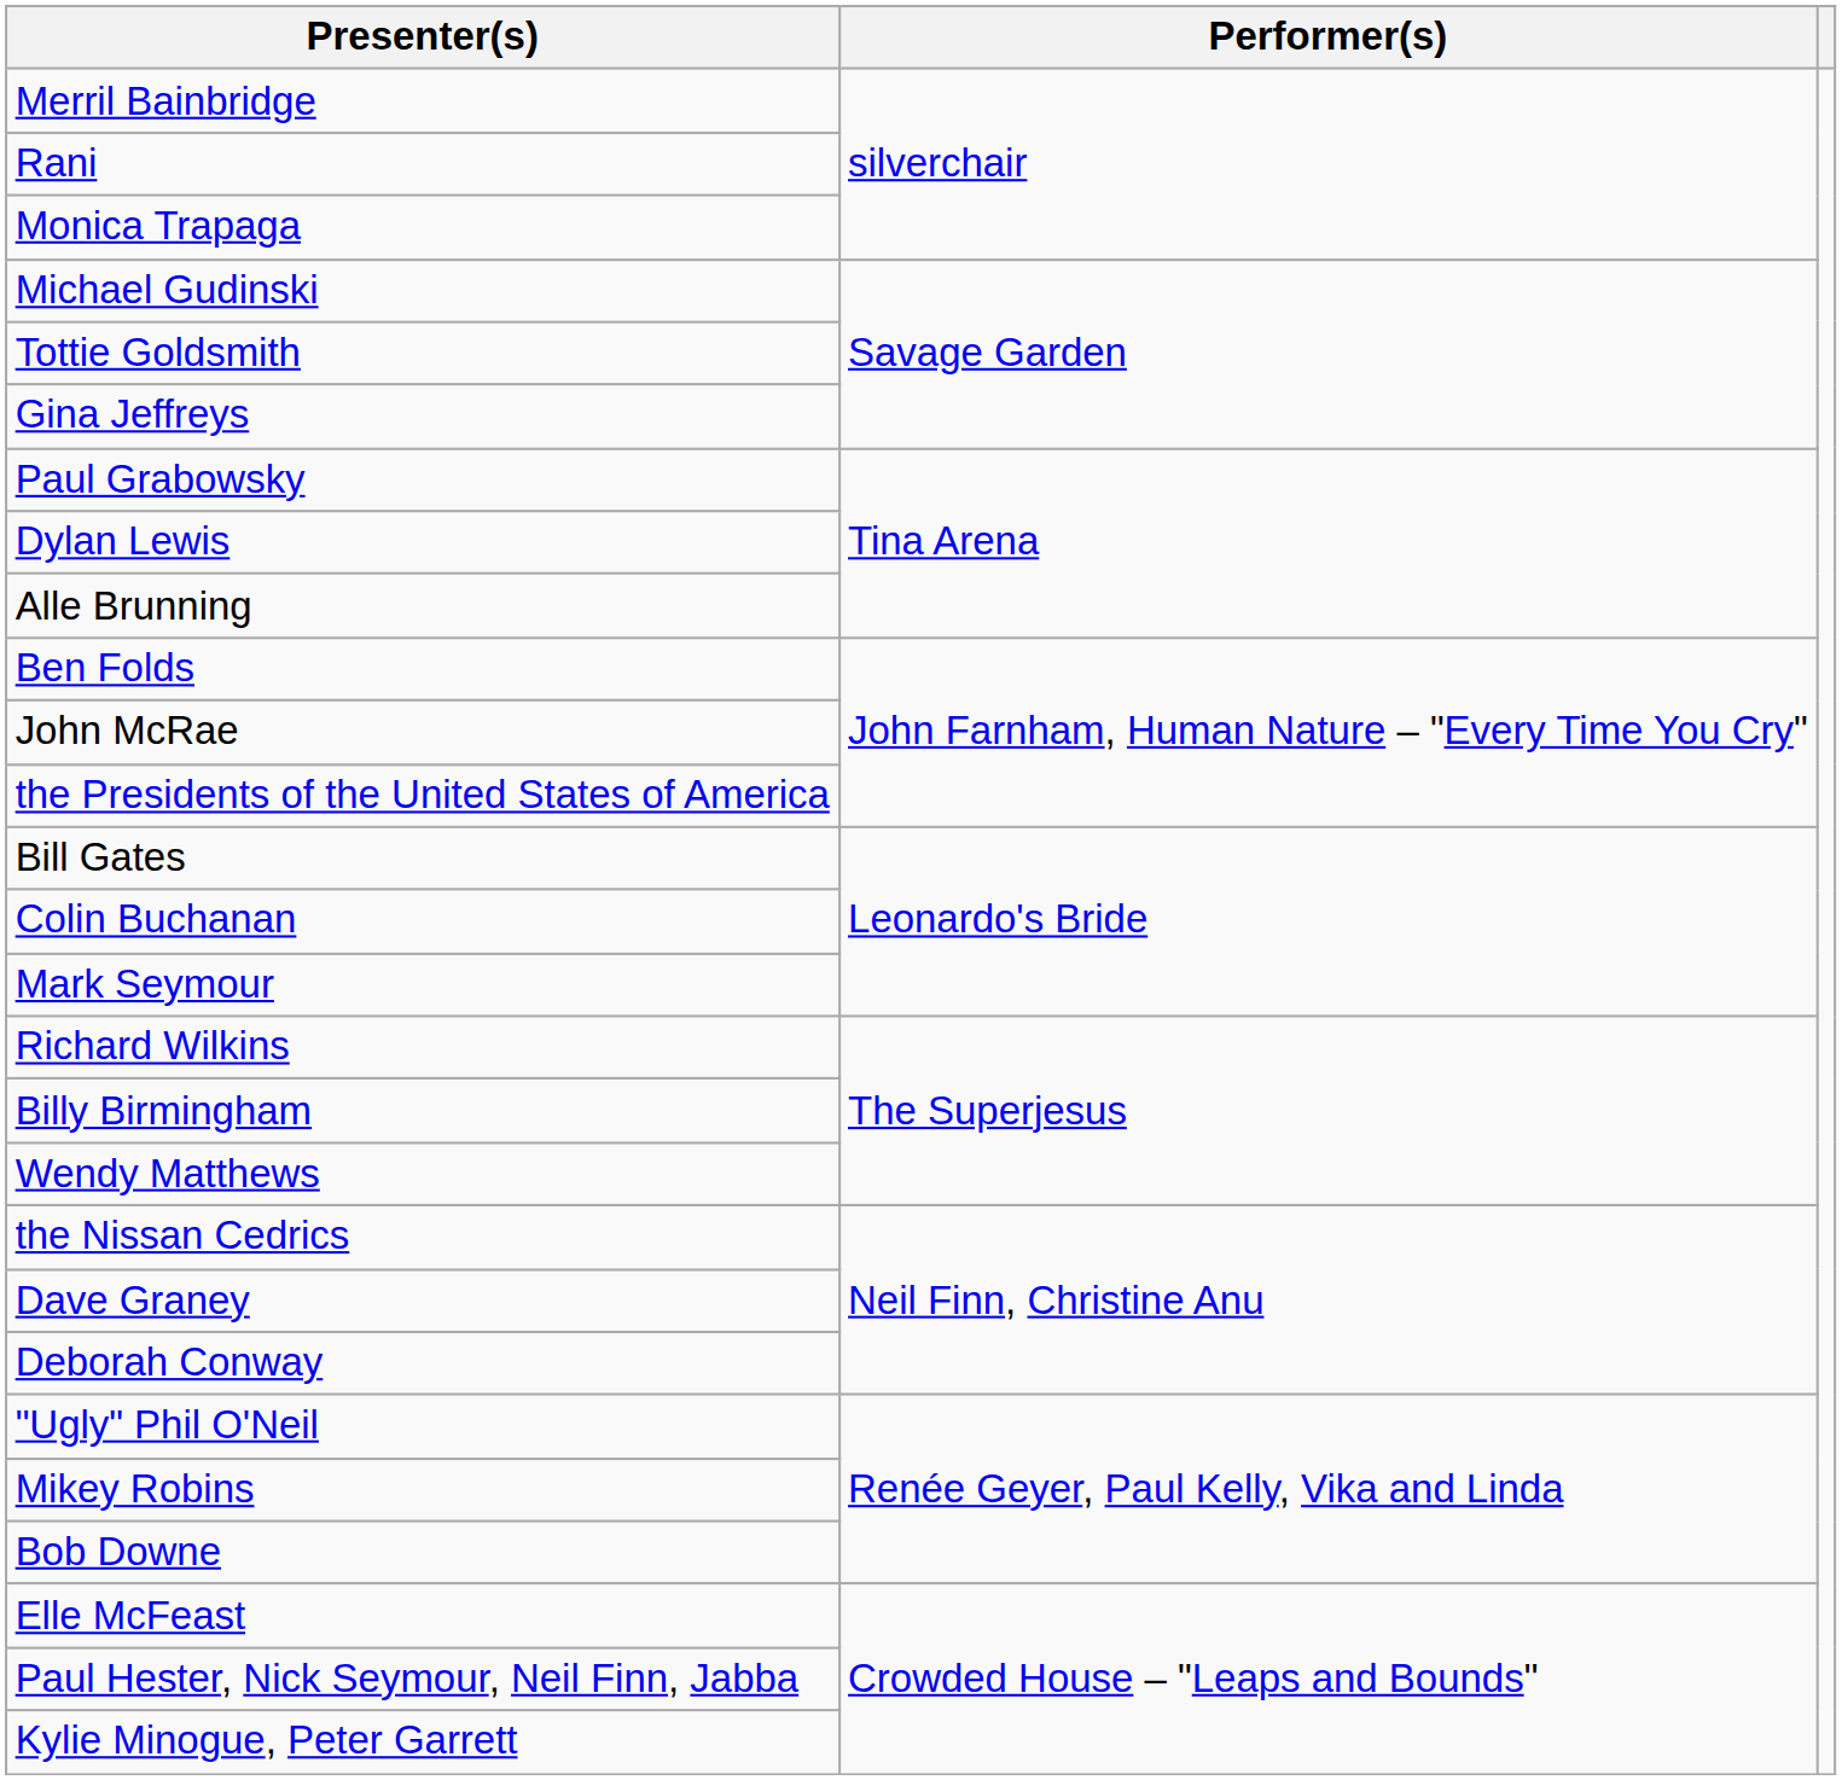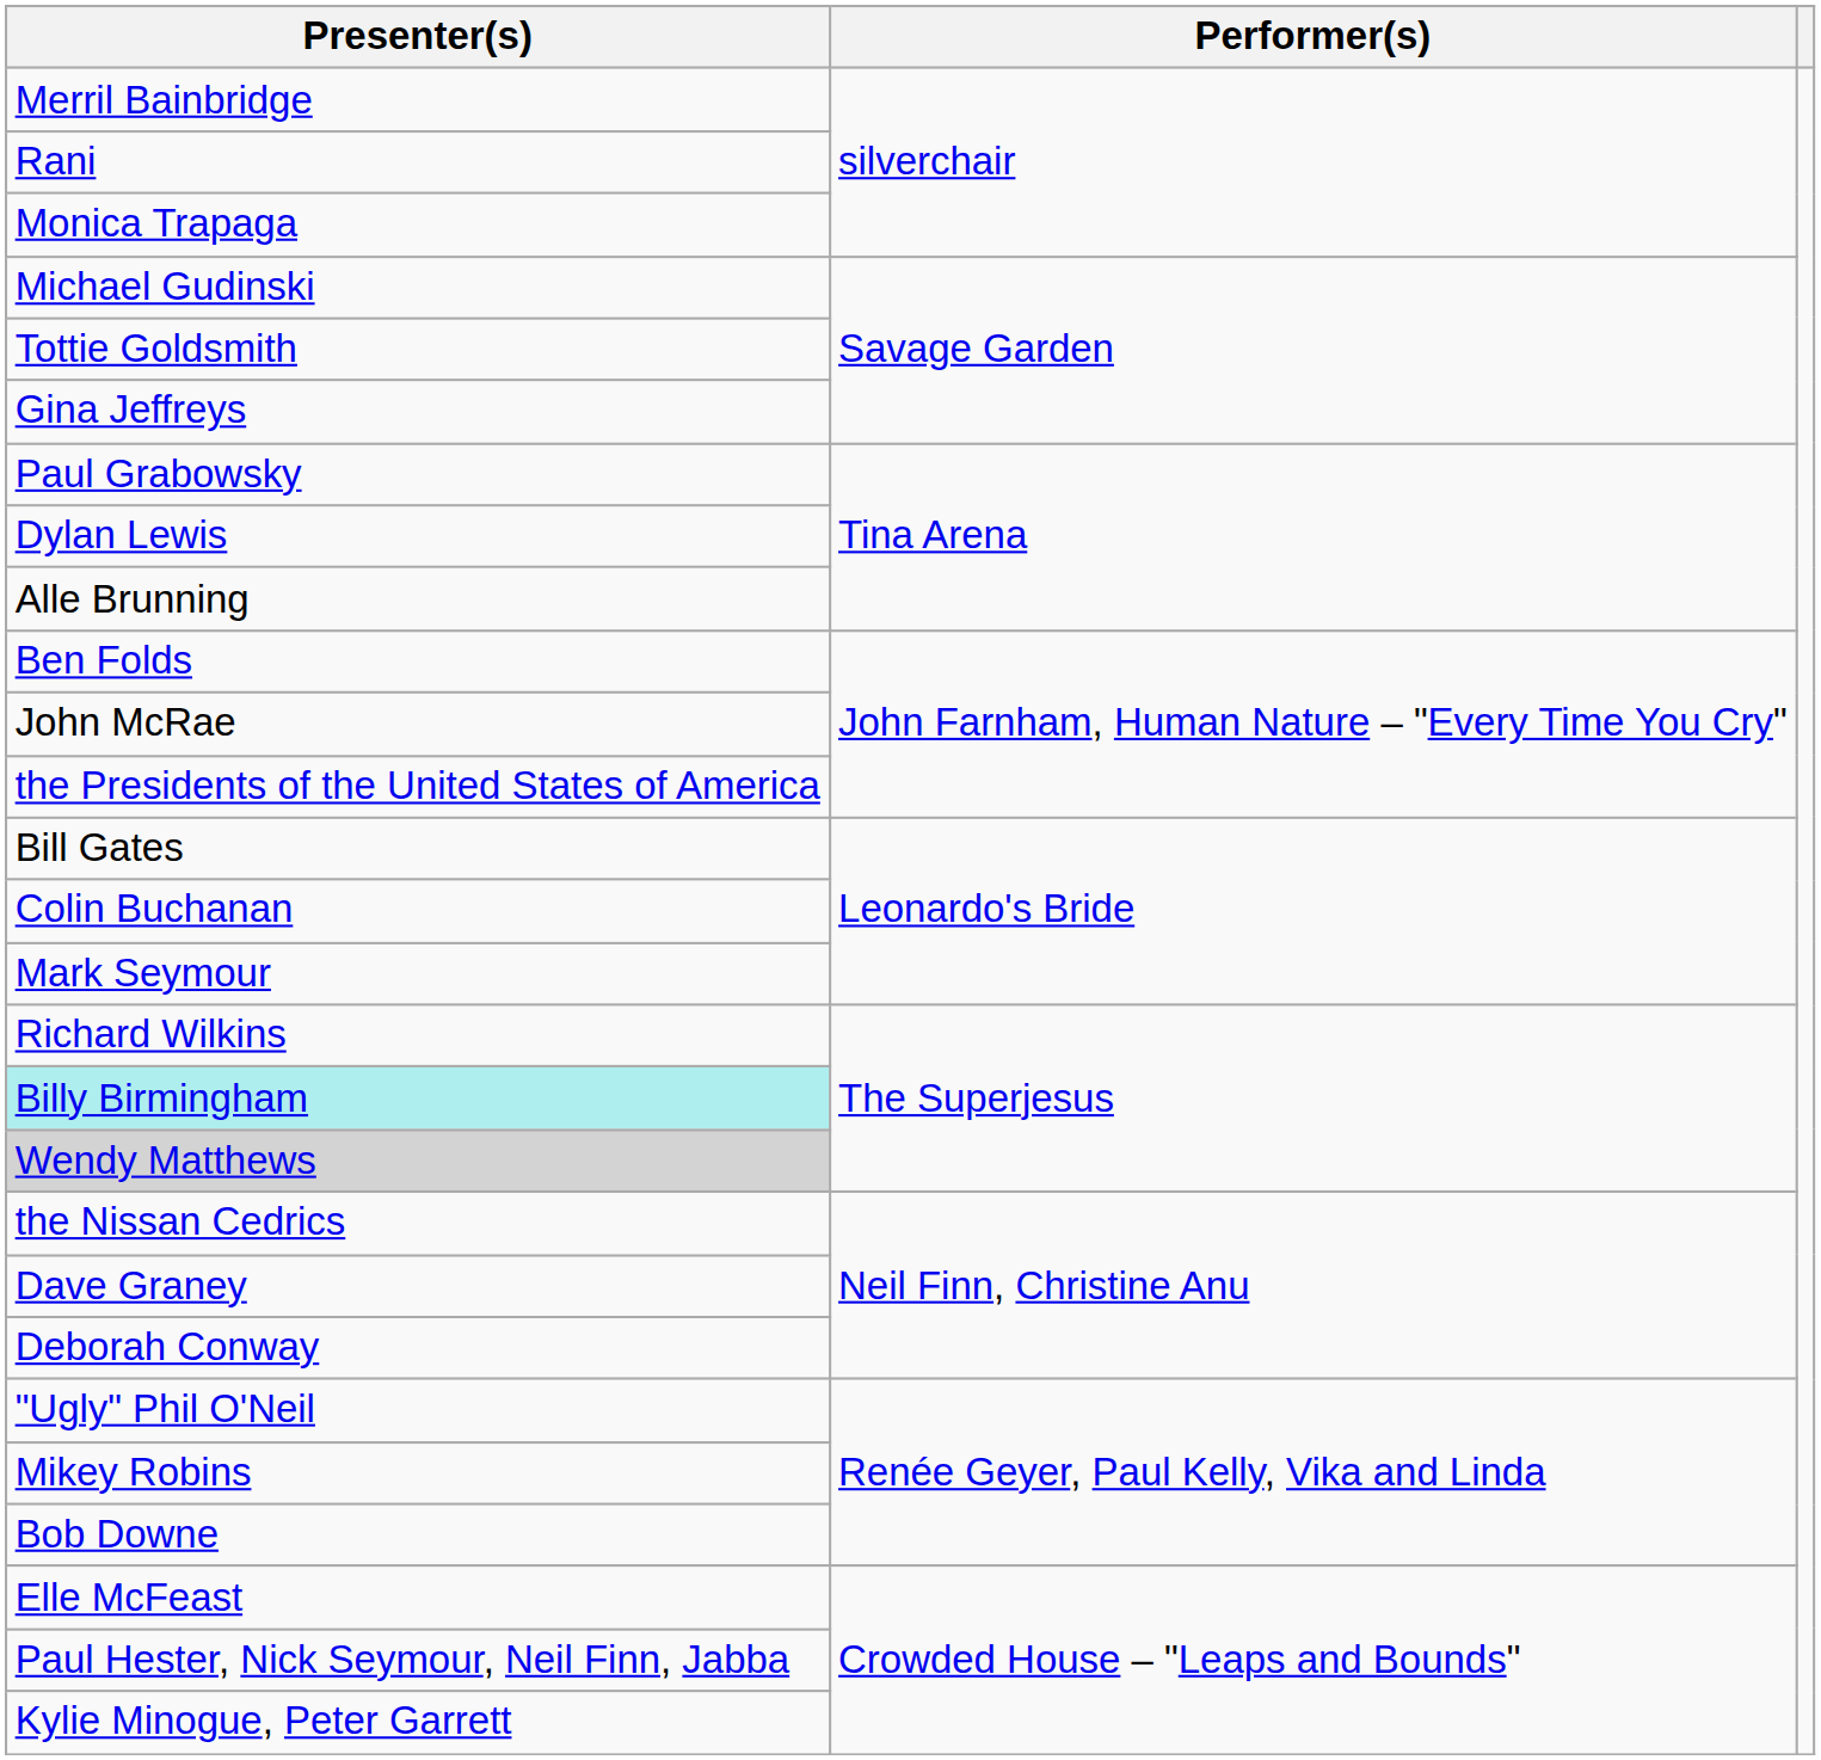 <table class="wikitable plainrowheaders">
 <tr>
 <th scope="col">Presenter(s)</th>
 <th scope="col">Performer(s)</th>
 <th scope="col"></th>
 </tr>
 <tr>
 <td><a href='#'>Merril Bainbridge</a></td>
 <td rowspan="3"><a href='#'>silverchair</a></td>
 <td rowspan="27"></td>
 </tr>
 <tr>
 <td><a href='#'>Rani</a></td>
 </tr>
 <tr>
 <td><a href='#'>Monica Trapaga</a></td>
 </tr>
 <tr>
 <td><a href='#'>Michael Gudinski</a></td>
 <td rowspan="3"><a href='#'>Savage Garden</a></td>
 </tr>
 <tr>
 <td><a href='#'>Tottie Goldsmith</a></td>
 </tr>
 <tr>
 <td><a href='#'>Gina Jeffreys</a></td>
 </tr>
 <tr>
 <td><a href='#'>Paul Grabowsky</a></td>
 <td rowspan="3"><a href='#'>Tina Arena</a></td>
 </tr>
 <tr>
 <td><a href='#'>Dylan Lewis</a></td>
 </tr>
 <tr>
 <td>Alle Brunning</td>
 </tr>
 <tr>
 <td><a href='#'>Ben Folds</a></td>
 <td rowspan="3"><a href='#'>John Farnham</a>, <a href='#'>Human Nature</a> – "<a href='#'>Every Time You Cry</a>"</td>
 </tr>
 <tr>
 <td>John McRae</td>
 </tr>
 <tr>
 <td><a href='#'>the Presidents of the United States of America</a></td>
 </tr>
 <tr>
 <td>Bill Gates</td>
 <td rowspan="3"><a href='#'>Leonardo's Bride</a></td>
 </tr>
 <tr>
 <td><a href='#'>Colin Buchanan</a></td>
 </tr>
 <tr>
 <td><a href='#'>Mark Seymour</a></td>
 </tr>
 <tr>
 <td><a href='#'>Richard Wilkins</a></td>
 <td rowspan="3"><a href='#'>The Superjesus</a></td>
 </tr>
 <tr>
-<td><a href='#'>Billy Birmingham</a></td>
+<td style="background: paleturquoise;"><a href='#'>Billy Birmingham</a></td>
 </tr>
 <tr>
-<td><a href='#'>Wendy Matthews</a></td>
+<td style="background: lightgrey;"><a href='#'>Wendy Matthews</a></td>
 </tr>
 <tr>
 <td><a href='#'>the Nissan Cedrics</a></td>
 <td rowspan="3"><a href='#'>Neil Finn</a>, <a href='#'>Christine Anu</a></td>
 </tr>
 <tr>
 <td><a href='#'>Dave Graney</a></td>
 </tr>
 <tr>
 <td><a href='#'>Deborah Conway</a></td>
 </tr>
 <tr>
 <td><a href='#'>"Ugly" Phil O'Neil</a></td>
 <td rowspan="3"><a href='#'>Renée Geyer</a>, <a href='#'>Paul Kelly</a>, <a href='#'>Vika and Linda</a></td>
 </tr>
 <tr>
 <td><a href='#'>Mikey Robins</a></td>
 </tr>
 <tr>
 <td><a href='#'>Bob Downe</a></td>
 </tr>
 <tr>
 <td><a href='#'>Elle McFeast</a></td>
 <td rowspan="3"><a href='#'>Crowded House</a> – "<a href='#'>Leaps and Bounds</a>"</td>
 </tr>
 <tr>
 <td><a href='#'>Paul Hester</a>, <a href='#'>Nick Seymour</a>, <a href='#'>Neil Finn</a>, <a href='#'>Jabba</a></td>
 </tr>
 <tr>
 <td><a href='#'>Kylie Minogue</a>, <a href='#'>Peter Garrett</a></td>
 </tr>
 <tr>
 </tr>
 </table>
